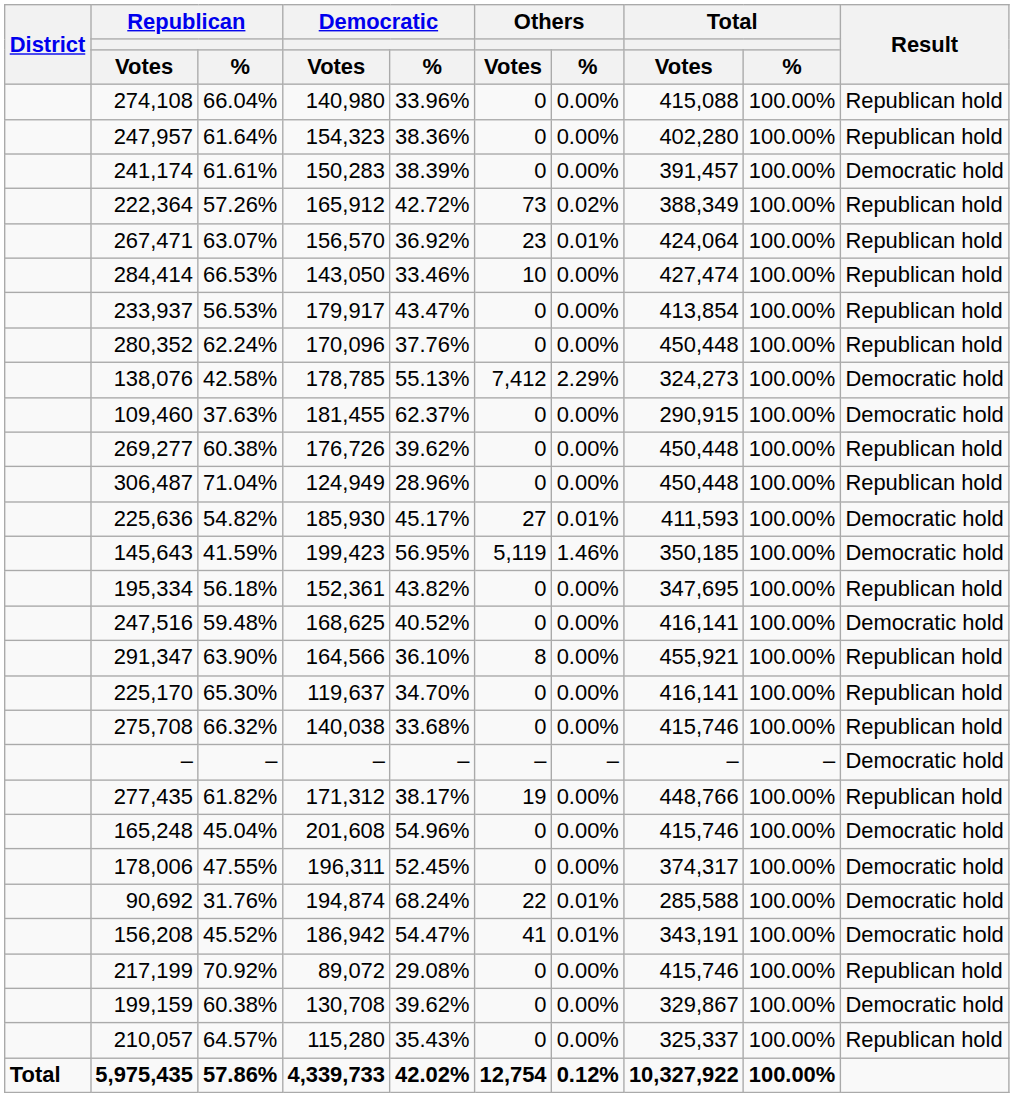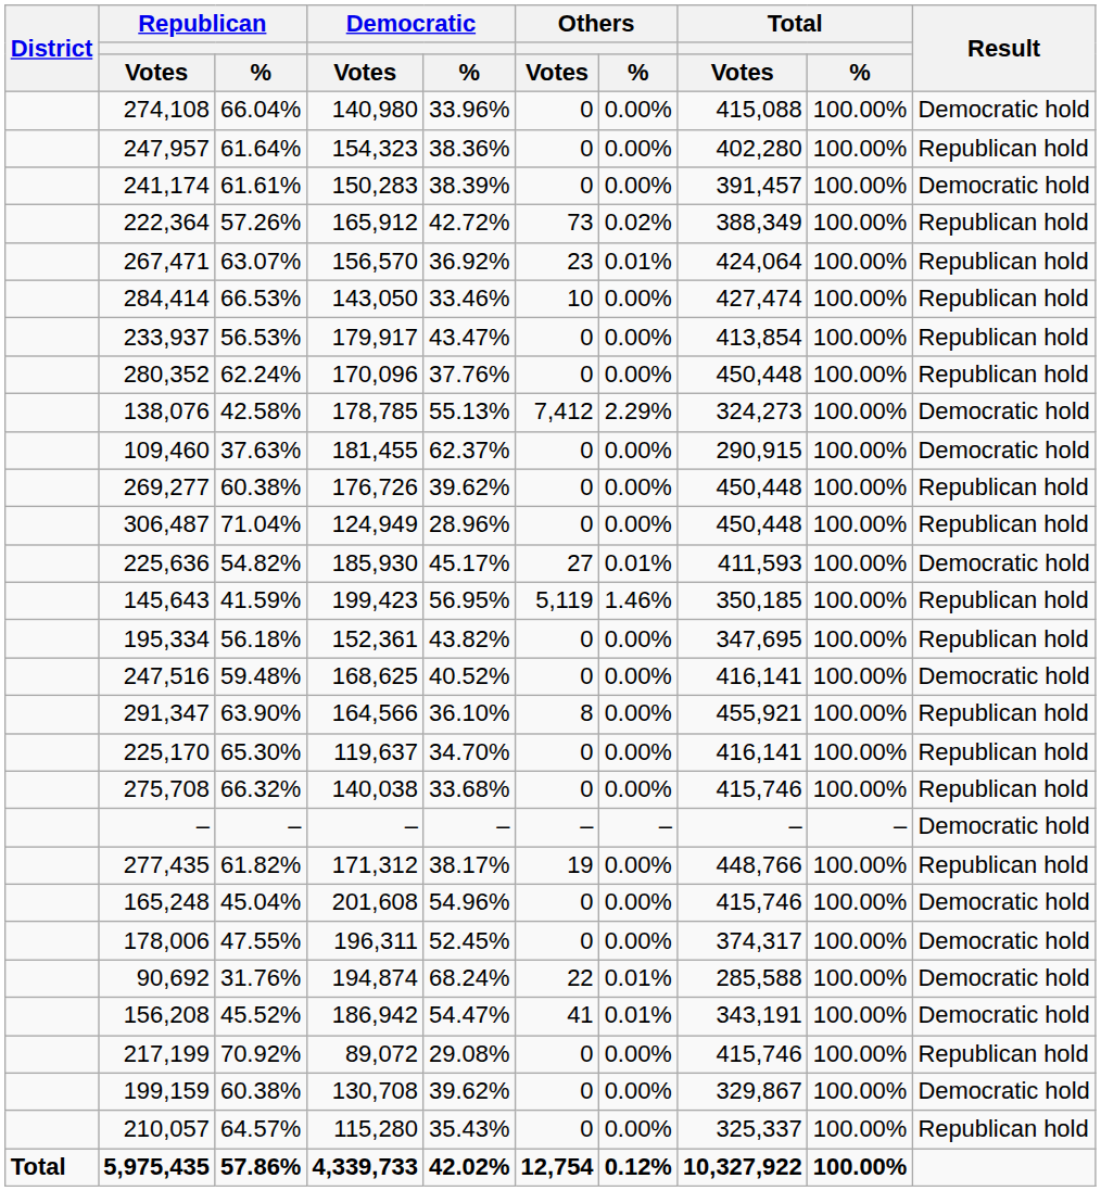 <table class="wikitable plainrowheaders sortable" style="font-size:100%; text-align:right;">
 <tr>
 <th scope=col rowspan=3><a href='#'>District</a></th>
 <th scope=col colspan=2><a href='#'>Republican</a></th>
 <th scope=col colspan=2><a href='#'>Democratic</a></th>
 <th scope=col colspan=2>Others</th>
 <th scope=col colspan=2>Total</th>
 <th scope=col rowspan=3>Result</th>
 </tr>
 <tr>
 <th scope=col colspan=2 style="background:"></th>
 <th scope=col colspan=2 style="background:"></th>
 <th scope=col colspan=2></th>
 <th scope=col colspan=2></th>
 </tr>
 <tr>
 <th scope=col data-sort-type="number">Votes</th>
 <th scope=col data-sort-type="number">%</th>
 <th scope=col data-sort-type="number">Votes</th>
 <th scope=col data-sort-type="number">%</th>
 <th scope=col data-sort-type="number">Votes</th>
 <th scope=col data-sort-type="number">%</th>
 <th scope=col data-sort-type="number">Votes</th>
 <th scope=col data-sort-type="number">%</th>
 </tr>
 <tr>
 <td align=left></td>
 <td>274,108</td>
 <td>66.04%</td>
 <td>140,980</td>
 <td>33.96%</td>
 <td>0</td>
 <td>0.00%</td>
 <td>415,088</td>
 <td>100.00%</td>
-<td align=left>Republican hold</td>
+<td align=left>Democratic hold</td>
 </tr>
 <tr>
 <td align=left></td>
 <td>247,957</td>
 <td>61.64%</td>
 <td>154,323</td>
 <td>38.36%</td>
 <td>0</td>
 <td>0.00%</td>
 <td>402,280</td>
 <td>100.00%</td>
 <td align=left>Republican hold</td>
 </tr>
 <tr>
 <td align=left></td>
 <td>241,174</td>
 <td>61.61%</td>
 <td>150,283</td>
 <td>38.39%</td>
 <td>0</td>
 <td>0.00%</td>
 <td>391,457</td>
 <td>100.00%</td>
 <td align=left>Democratic hold</td>
 </tr>
 <tr>
 <td align=left></td>
 <td>222,364</td>
 <td>57.26%</td>
 <td>165,912</td>
 <td>42.72%</td>
 <td>73</td>
 <td>0.02%</td>
 <td>388,349</td>
 <td>100.00%</td>
 <td align=left>Republican hold</td>
 </tr>
 <tr>
 <td align=left></td>
 <td>267,471</td>
 <td>63.07%</td>
 <td>156,570</td>
 <td>36.92%</td>
 <td>23</td>
 <td>0.01%</td>
 <td>424,064</td>
 <td>100.00%</td>
 <td align=left>Republican hold</td>
 </tr>
 <tr>
 <td align=left></td>
 <td>284,414</td>
 <td>66.53%</td>
 <td>143,050</td>
 <td>33.46%</td>
 <td>10</td>
 <td>0.00%</td>
 <td>427,474</td>
 <td>100.00%</td>
 <td align=left>Republican hold</td>
 </tr>
 <tr>
 <td align=left></td>
 <td>233,937</td>
 <td>56.53%</td>
 <td>179,917</td>
 <td>43.47%</td>
 <td>0</td>
 <td>0.00%</td>
 <td>413,854</td>
 <td>100.00%</td>
 <td align=left>Republican hold</td>
 </tr>
 <tr>
 <td align=left></td>
 <td>280,352</td>
 <td>62.24%</td>
 <td>170,096</td>
 <td>37.76%</td>
 <td>0</td>
 <td>0.00%</td>
 <td>450,448</td>
 <td>100.00%</td>
 <td align=left>Republican hold</td>
 </tr>
 <tr>
 <td align=left></td>
 <td>138,076</td>
 <td>42.58%</td>
 <td>178,785</td>
 <td>55.13%</td>
 <td>7,412</td>
 <td>2.29%</td>
 <td>324,273</td>
 <td>100.00%</td>
 <td align=left>Democratic hold</td>
 </tr>
 <tr>
 <td align=left></td>
 <td>109,460</td>
 <td>37.63%</td>
 <td>181,455</td>
 <td>62.37%</td>
 <td>0</td>
 <td>0.00%</td>
 <td>290,915</td>
 <td>100.00%</td>
 <td align=left>Democratic hold</td>
 </tr>
 <tr>
 <td align=left></td>
 <td>269,277</td>
 <td>60.38%</td>
 <td>176,726</td>
 <td>39.62%</td>
 <td>0</td>
 <td>0.00%</td>
 <td>450,448</td>
 <td>100.00%</td>
 <td align=left>Republican hold</td>
 </tr>
 <tr>
 <td align=left></td>
 <td>306,487</td>
 <td>71.04%</td>
 <td>124,949</td>
 <td>28.96%</td>
 <td>0</td>
 <td>0.00%</td>
 <td>450,448</td>
 <td>100.00%</td>
 <td align=left>Republican hold</td>
 </tr>
 <tr>
 <td align=left></td>
 <td>225,636</td>
 <td>54.82%</td>
 <td>185,930</td>
 <td>45.17%</td>
 <td>27</td>
 <td>0.01%</td>
 <td>411,593</td>
 <td>100.00%</td>
 <td align=left>Democratic hold</td>
 </tr>
 <tr>
 <td align=left></td>
 <td>145,643</td>
 <td>41.59%</td>
 <td>199,423</td>
 <td>56.95%</td>
 <td>5,119</td>
 <td>1.46%</td>
 <td>350,185</td>
 <td>100.00%</td>
-<td align=left>Democratic hold</td>
+<td align=left>Republican hold</td>
 </tr>
 <tr>
 <td align=left></td>
 <td>195,334</td>
 <td>56.18%</td>
 <td>152,361</td>
 <td>43.82%</td>
 <td>0</td>
 <td>0.00%</td>
 <td>347,695</td>
 <td>100.00%</td>
 <td align=left>Republican hold</td>
 </tr>
 <tr>
 <td align=left></td>
 <td>247,516</td>
 <td>59.48%</td>
 <td>168,625</td>
 <td>40.52%</td>
 <td>0</td>
 <td>0.00%</td>
 <td>416,141</td>
 <td>100.00%</td>
 <td align=left>Democratic hold</td>
 </tr>
 <tr>
 <td align=left></td>
 <td>291,347</td>
 <td>63.90%</td>
 <td>164,566</td>
 <td>36.10%</td>
 <td>8</td>
 <td>0.00%</td>
 <td>455,921</td>
 <td>100.00%</td>
 <td align=left>Republican hold</td>
 </tr>
 <tr>
 <td align=left></td>
 <td>225,170</td>
 <td>65.30%</td>
 <td>119,637</td>
 <td>34.70%</td>
 <td>0</td>
 <td>0.00%</td>
 <td>416,141</td>
 <td>100.00%</td>
 <td align=left>Republican hold</td>
 </tr>
 <tr>
 <td align=left></td>
 <td>275,708</td>
 <td>66.32%</td>
 <td>140,038</td>
 <td>33.68%</td>
 <td>0</td>
 <td>0.00%</td>
 <td>415,746</td>
 <td>100.00%</td>
 <td align=left>Republican hold</td>
 </tr>
 <tr>
 <td align=left></td>
 <td>–</td>
 <td>–</td>
 <td>–</td>
 <td>–</td>
 <td>–</td>
 <td>–</td>
 <td>–</td>
 <td>–</td>
 <td align=left>Democratic hold</td>
 </tr>
 <tr>
 <td align=left></td>
 <td>277,435</td>
 <td>61.82%</td>
 <td>171,312</td>
 <td>38.17%</td>
 <td>19</td>
 <td>0.00%</td>
 <td>448,766</td>
 <td>100.00%</td>
 <td align=left>Republican hold</td>
 </tr>
 <tr>
 <td align=left></td>
 <td>165,248</td>
 <td>45.04%</td>
 <td>201,608</td>
 <td>54.96%</td>
 <td>0</td>
 <td>0.00%</td>
 <td>415,746</td>
 <td>100.00%</td>
 <td align=left>Democratic hold</td>
 </tr>
 <tr>
 <td align=left></td>
 <td>178,006</td>
 <td>47.55%</td>
 <td>196,311</td>
 <td>52.45%</td>
 <td>0</td>
 <td>0.00%</td>
 <td>374,317</td>
 <td>100.00%</td>
 <td align=left>Democratic hold</td>
 </tr>
 <tr>
 <td align=left></td>
 <td>90,692</td>
 <td>31.76%</td>
 <td>194,874</td>
 <td>68.24%</td>
 <td>22</td>
 <td>0.01%</td>
 <td>285,588</td>
 <td>100.00%</td>
 <td align=left>Democratic hold</td>
 </tr>
 <tr>
 <td align=left></td>
 <td>156,208</td>
 <td>45.52%</td>
 <td>186,942</td>
 <td>54.47%</td>
 <td>41</td>
 <td>0.01%</td>
 <td>343,191</td>
 <td>100.00%</td>
 <td align=left>Democratic hold</td>
 </tr>
 <tr>
 <td align=left></td>
 <td>217,199</td>
 <td>70.92%</td>
 <td>89,072</td>
 <td>29.08%</td>
 <td>0</td>
 <td>0.00%</td>
 <td>415,746</td>
 <td>100.00%</td>
 <td align=left>Republican hold</td>
 </tr>
 <tr>
 <td align=left></td>
 <td>199,159</td>
 <td>60.38%</td>
 <td>130,708</td>
 <td>39.62%</td>
 <td>0</td>
 <td>0.00%</td>
 <td>329,867</td>
 <td>100.00%</td>
 <td align=left>Democratic hold</td>
 </tr>
 <tr>
 <td align=left></td>
 <td>210,057</td>
 <td>64.57%</td>
 <td>115,280</td>
 <td>35.43%</td>
 <td>0</td>
 <td>0.00%</td>
 <td>325,337</td>
 <td>100.00%</td>
 <td align=left>Republican hold</td>
 </tr>
 <tr class="sortbottom" style="font-weight:bold">
 <td align=left>Total</td>
 <td>5,975,435</td>
 <td>57.86%</td>
 <td>4,339,733</td>
 <td>42.02%</td>
 <td>12,754</td>
 <td>0.12%</td>
 <td>10,327,922</td>
 <td>100.00%</td>
 <td></td>
 </tr>
 </table>
